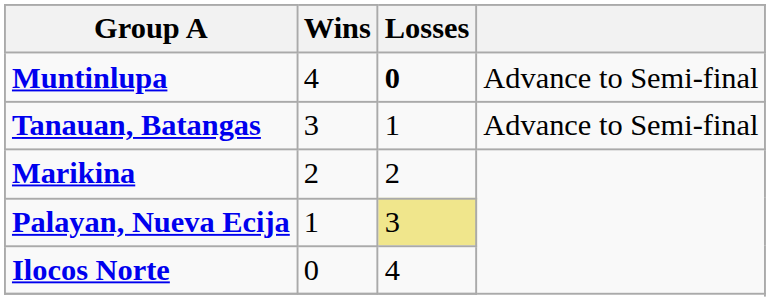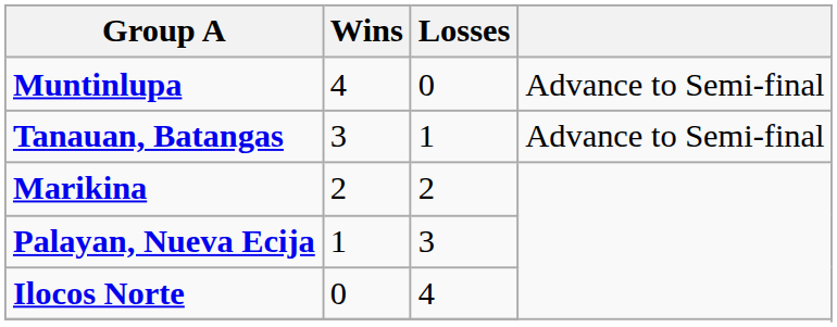 <table class="wikitable">
 <tr align=center>
 <th>Group A</th>
 <th>Wins</th>
 <th>Losses</th>
 <th></th>
 </tr>
 <tr>
 <td><strong><a href='#'>Muntinlupa</a></strong></td>
 <td>4</td>
-<td><strong>0</strong></td>
+<td>0</td>
 <td>Advance to Semi-final</td>
 </tr>
 <tr>
 <td><strong><a href='#'>Tanauan, Batangas</a></strong></td>
 <td>3</td>
 <td>1</td>
 <td>Advance to Semi-final</td>
 </tr>
 <tr>
 <td><strong><a href='#'>Marikina</a></strong></td>
 <td>2</td>
 <td>2</td>
 </tr>
 <tr>
 <td><strong><a href='#'>Palayan, Nueva Ecija</a></strong></td>
 <td>1</td>
-<td style="background: khaki;">3</td>
+<td>3</td>
 </tr>
 <tr>
 <td><strong><a href='#'>Ilocos Norte</a></strong></td>
 <td>0</td>
 <td>4</td>
 </tr>
 <tr>
 </tr>
 </table>
